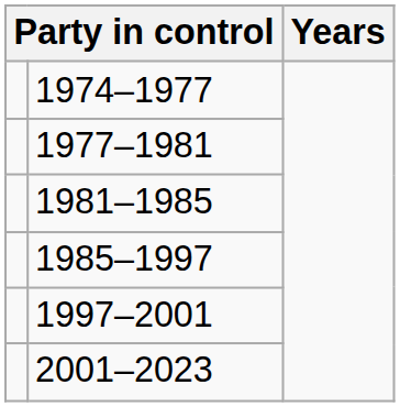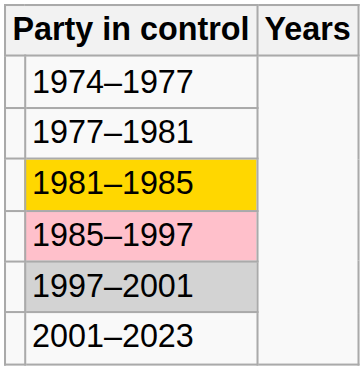 <table class="wikitable">
 <tr>
 <th colspan="2">Party in control</th>
 <th>Years</th>
 </tr>
 <tr>
 <td></td>
 <td>1974–1977</td>
 </tr>
 <tr>
 <td></td>
 <td>1977–1981</td>
 </tr>
 <tr>
 <td></td>
-<td>1981–1985</td>
+<td style="background: gold;">1981–1985</td>
 </tr>
 <tr>
 <td></td>
-<td>1985–1997</td>
+<td style="background: pink;">1985–1997</td>
 </tr>
 <tr>
 <td></td>
-<td>1997–2001</td>
+<td style="background: lightgrey;">1997–2001</td>
 </tr>
 <tr>
 <td></td>
 <td>2001–2023</td>
 </tr>
 </table>
